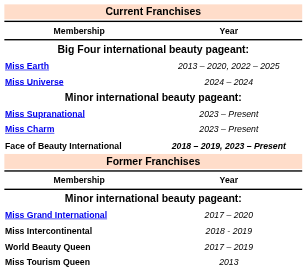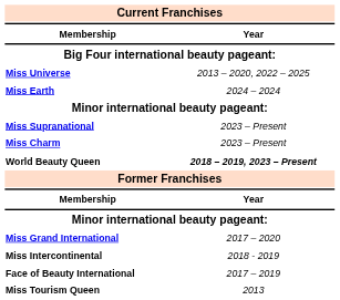 <table class="toccolours" style=" font-size:80%; line-height:1.5em; width:50%;">
 <tr>
 <th colspan="2" align="center" style="background:#FFDDCA;"><big>Current Franchises</big></th>
 </tr>
 <tr>
 <td colspan="2" style="background:black"></td>
 </tr>
 <tr>
 <th scope="col">Membership</th>
 <th scope="col">Year</th>
 </tr>
 <tr>
 <td colspan="2" style="background:black"></td>
 </tr>
 <tr>
 <th colspan="2" align="center"><big>Big Four international beauty pageant:</big></th>
 </tr>
 <tr>
-<td align="left"><strong><a href='#'>Miss Earth</a></strong></td>
+<td align="left"><strong><a href='#'>Miss Universe</a></strong></td>
 <td align="center"><em>2013 – 2020, 2022 – 2025</em></td>
 </tr>
 <tr>
-<td align="left"><strong><a href='#'>Miss Universe</a></strong></td>
+<td align="left"><strong><a href='#'>Miss Earth</a></strong></td>
 <td align="center"><em>2024 – 2024</em></td>
 </tr>
 <tr>
 <th colspan="2" align="center"><big>Minor international beauty pageant:</big></th>
 </tr>
 <tr>
 <td align="left"><strong><a href='#'>Miss Supranational</a></strong></td>
 <td align="center"><em>2023 – Present</em></td>
 </tr>
 <tr>
 <td align="left"><strong><a href='#'>Miss Charm</a></strong></td>
 <td align="center"><em>2023 – Present</em></td>
 </tr>
 <tr>
-<td align="left"><strong>Face of Beauty International</strong></td>
+<td align="left"><strong>World Beauty Queen </strong></td>
 <td align="center"><strong><em>2018 – 2019, 2023 – Present</em></strong></td>
 </tr>
 <tr>
 <th colspan="2" align="center" style="background:#FFDDCA;"><big>Former Franchises</big></th>
 </tr>
 <tr>
 <td colspan="2" style="background:black"></td>
 </tr>
 <tr>
 <th scope="col">Membership</th>
 <th scope="col">Year</th>
 </tr>
 <tr>
 <td colspan="2" style="background:black"></td>
 </tr>
 <tr>
 <th colspan="2" align="center"><big>Minor international beauty pageant:</big></th>
 </tr>
 <tr>
 <td align="left"><strong><a href='#'>Miss Grand International</a></strong></td>
 <td align="center"><em>2017 – 2020</em></td>
 </tr>
 <tr>
 <td align="left"><strong>Miss Intercontinental</strong></td>
 <td align="center"><em>2018 - 2019</em></td>
 </tr>
 <tr>
-<td align="left"><strong>World Beauty Queen </strong></td>
+<td align="left"><strong>Face of Beauty International</strong></td>
 <td align="center"><em>2017 – 2019</em></td>
 </tr>
 <tr>
 <td align="left"><strong>Miss Tourism Queen </strong></td>
 <td align="center"><em>2013</em></td>
 </tr>
 <tr>
 </tr>
 </table>
